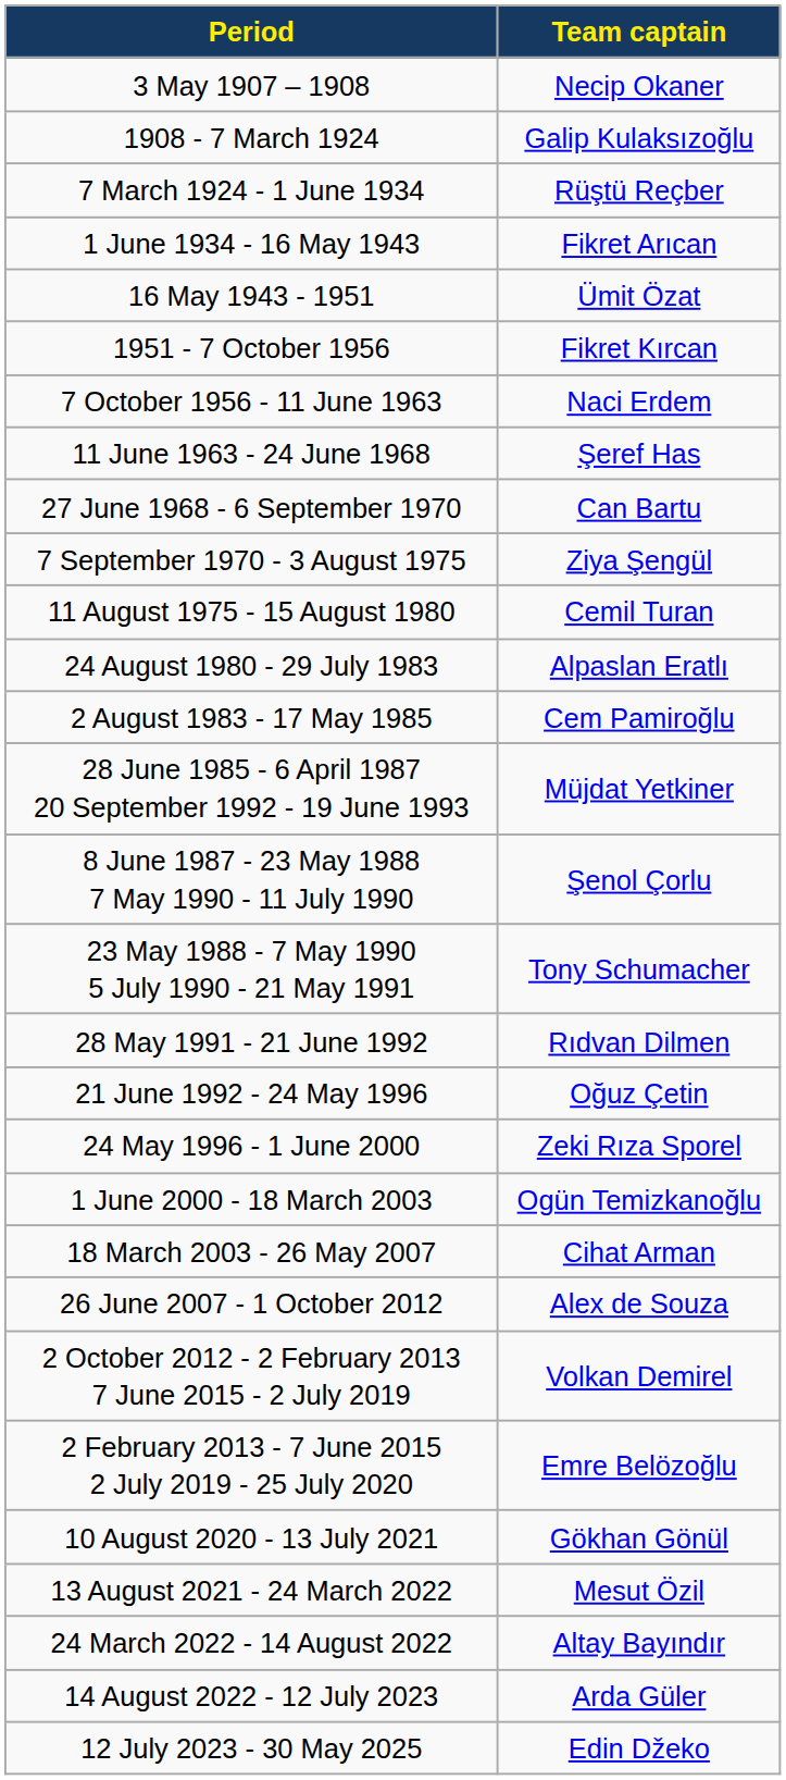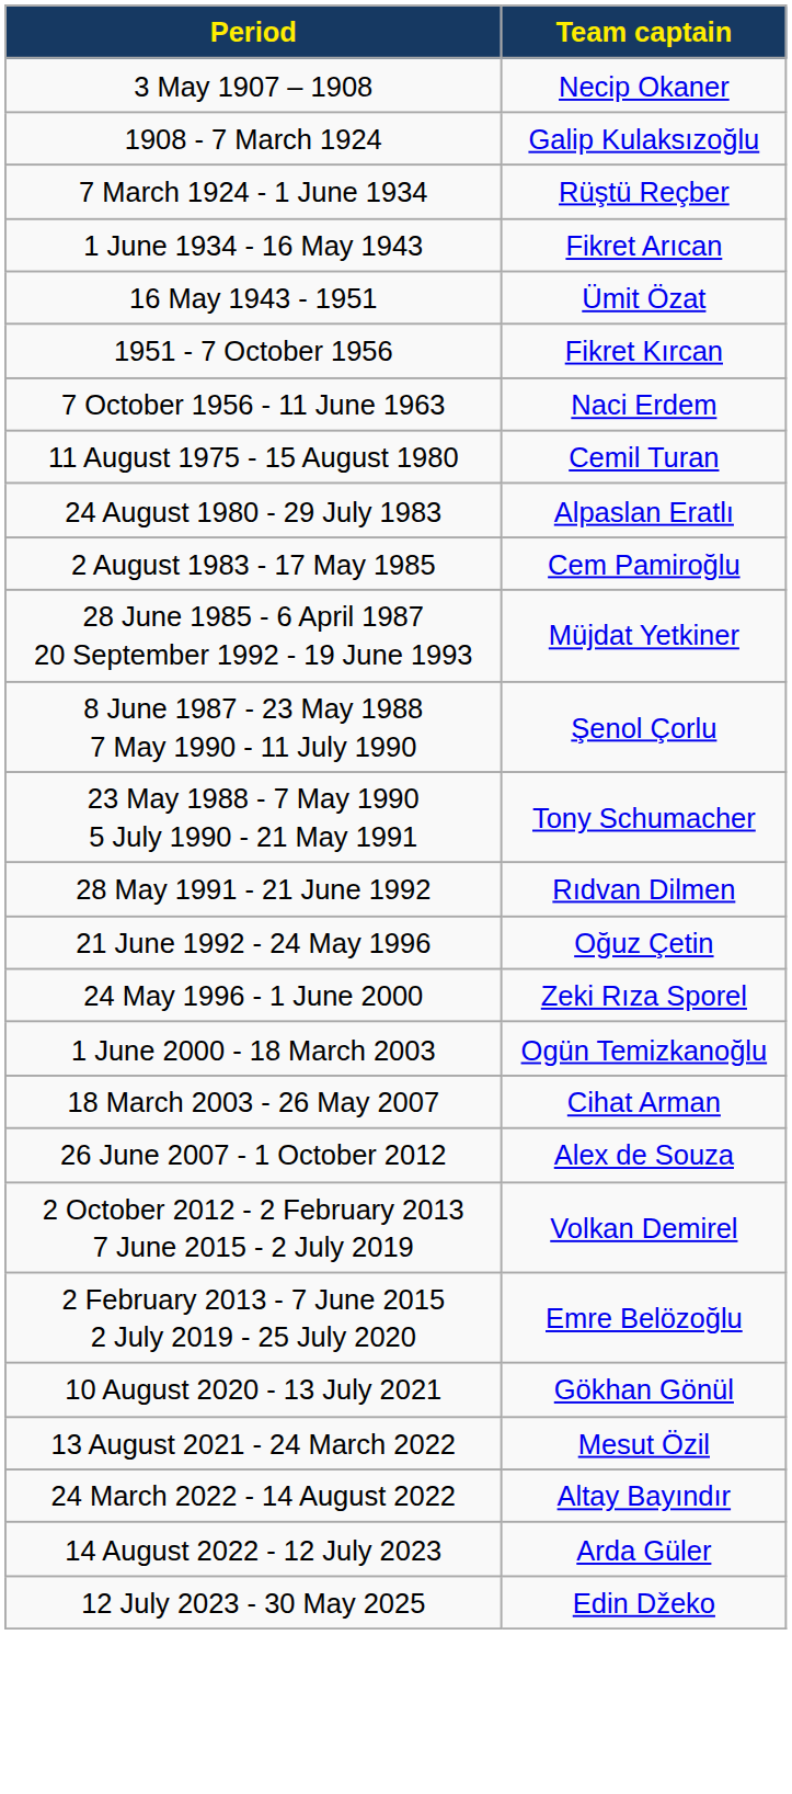 <table class="wikitable" style="text-align:center;width:60%;">
 <tr>
 <th style="color:#FFED00; background:#163962; "><small><strong>Period</strong></small></th>
 <th style="color:#FFED00; background:#163962; "><small><strong>Team captain</strong></small></th>
 </tr>
 <tr>
 <td><small>3 May 1907 – 1908</small></td>
 <td><a href='#'><small>Necip Okaner</small></a></td>
 </tr>
 <tr>
 <td><small>1908 - 7 March 1924</small></td>
 <td><a href='#'><small>Galip Kulaksızoğlu</small></a></td>
 </tr>
 <tr>
 <td><small>7 March 1924 - 1 June 1934</small></td>
 <td><a href='#'><small>Rüştü Reçber</small></a></td>
 </tr>
 <tr>
 <td><small>1 June 1934 - 16 May 1943</small></td>
 <td><a href='#'><small>Fikret Arıcan</small></a></td>
 </tr>
 <tr>
 <td><small>16 May 1943 - 1951</small></td>
 <td><a href='#'><small>Ümit Özat</small></a></td>
 </tr>
 <tr>
 <td><small>1951 - 7 October 1956</small></td>
 <td><a href='#'><small>Fikret Kırcan</small></a></td>
 </tr>
 <tr>
 <td><small>7 October 1956 - 11 June 1963</small></td>
 <td><a href='#'><small>Naci Erdem</small></a></td>
-</tr>
-<tr>
-<td><small>11 June 1963 - 24 June 1968</small></td>
-<td><a href='#'><small>Şeref Has</small></a></td>
-</tr>
-<tr>
-<td><small>27 June 1968 - 6 September 1970</small></td>
-<td><a href='#'><small>Can Bartu</small></a></td>
-</tr>
-<tr>
-<td><small>7 September 1970 - 3 August 1975</small></td>
-<td><a href='#'><small>Ziya Şengül</small></a></td>
 </tr>
 <tr>
 <td><small>11 August 1975 - 15 August 1980</small></td>
 <td><a href='#'><small>Cemil Turan</small></a></td>
 </tr>
 <tr>
 <td><small>24 August 1980 - 29 July 1983</small></td>
 <td><a href='#'><small>Alpaslan Eratlı</small></a></td>
 </tr>
 <tr>
 <td><small>2 August 1983 - 17 May 1985</small></td>
 <td><a href='#'><small>Cem Pamiroğlu</small></a></td>
 </tr>
 <tr>
 <td><small>28 June 1985 - 6 April 1987<br>20 September 1992 - 19 June 1993</small></td>
 <td><a href='#'><small>Müjdat Yetkiner</small></a></td>
 </tr>
 <tr>
 <td><small>8 June 1987 - 23 May 1988<br>7 May 1990 - 11 July 1990</small></td>
 <td><a href='#'><small>Şenol Çorlu</small></a></td>
 </tr>
 <tr>
 <td><small>23 May 1988 - 7 May 1990<br>5 July 1990 - 21 May 1991</small></td>
 <td><a href='#'><small>Tony Schumacher</small></a></td>
 </tr>
 <tr>
 <td><small>28 May 1991 - 21 June 1992</small></td>
 <td><a href='#'><small>Rıdvan Dilmen</small></a></td>
 </tr>
 <tr>
 <td><small>21 June 1992 - 24 May 1996</small></td>
 <td><a href='#'><small>Oğuz Çetin</small></a></td>
 </tr>
 <tr>
 <td><small>24 May 1996 - 1 June 2000</small></td>
 <td><a href='#'><small>Zeki Rıza Sporel</small></a></td>
 </tr>
 <tr>
 <td><small>1 June 2000 - 18 March 2003</small></td>
 <td><a href='#'><small>Ogün Temizkanoğlu</small></a></td>
 </tr>
 <tr>
 <td><small>18 March 2003 - 26 May 2007</small></td>
 <td><a href='#'><small>Cihat Arman</small></a></td>
 </tr>
 <tr>
 <td><small>26 June 2007 - 1 October 2012</small></td>
 <td><a href='#'><small>Alex de Souza</small></a></td>
 </tr>
 <tr>
 <td><small>2 October 2012 - 2 February 2013</small><br><small>7 June 2015 - 2 July 2019</small></td>
 <td><a href='#'><small>Volkan Demirel</small></a></td>
 </tr>
 <tr>
 <td><small>2 February 2013 - 7 June 2015<br>2 July 2019 - 25 July 2020</small></td>
 <td><a href='#'><small>Emre Belözoğlu</small></a></td>
 </tr>
 <tr>
 <td><small>10 August 2020 - 13 July 2021</small></td>
 <td><a href='#'><small>Gökhan Gönül</small></a></td>
 </tr>
 <tr>
 <td><small>13 August 2021 - 24 March 2022</small></td>
 <td><a href='#'><small>Mesut Özil</small></a></td>
 </tr>
 <tr>
 <td><small>24 March 2022 - 14 August 2022</small></td>
 <td><a href='#'><small>Altay Bayındır</small></a></td>
 </tr>
 <tr>
 <td><small>14 August 2022 - 12 July 2023</small></td>
 <td><a href='#'><small>Arda Güler</small></a></td>
 </tr>
 <tr>
 <td><small>12 July 2023 - 30 May 2025</small></td>
 <td><a href='#'><small>Edin Džeko</small></a></td>
 </tr>
 </table>
